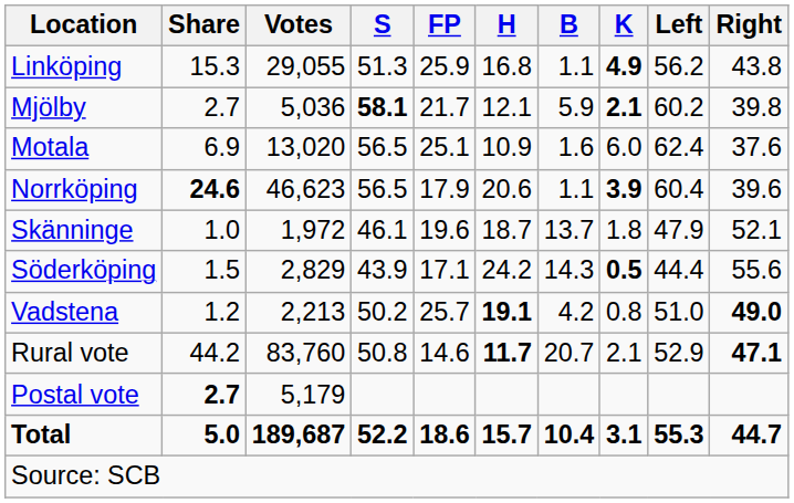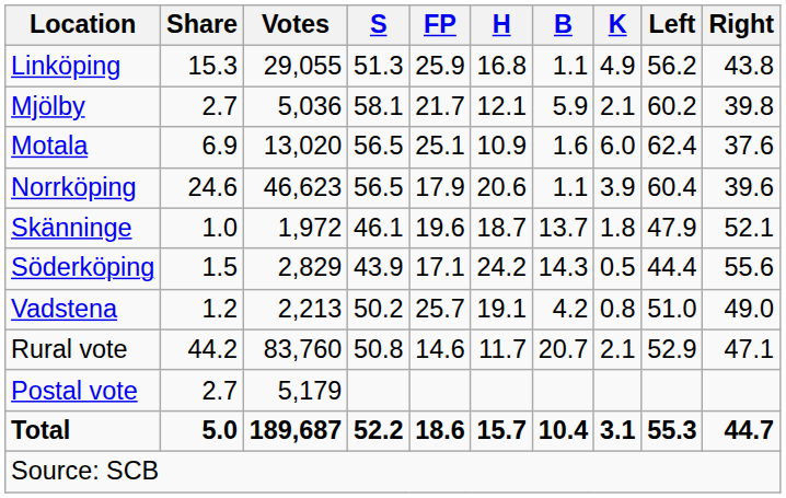 <table class="wikitable sortable" style=text-align:right>
 <tr>
 <th>Location</th>
 <th>Share</th>
 <th>Votes</th>
 <th><a href='#'>S</a></th>
 <th><a href='#'>FP</a></th>
 <th><a href='#'>H</a></th>
 <th><a href='#'>B</a></th>
 <th><a href='#'>K</a></th>
 <th>Left</th>
 <th>Right</th>
 </tr>
 <tr>
 <td align=left><a href='#'>Linköping</a></td>
 <td>15.3</td>
 <td>29,055</td>
 <td>51.3</td>
 <td>25.9</td>
 <td>16.8</td>
 <td>1.1</td>
-<td><strong>4.9</strong></td>
+<td>4.9</td>
 <td>56.2</td>
 <td>43.8</td>
 </tr>
 <tr>
 <td align=left><a href='#'>Mjölby</a></td>
 <td>2.7</td>
 <td>5,036</td>
-<td><strong>58.1</strong></td>
+<td>58.1</td>
 <td>21.7</td>
 <td>12.1</td>
 <td>5.9</td>
-<td><strong>2.1</strong></td>
+<td>2.1</td>
 <td>60.2</td>
 <td>39.8</td>
 </tr>
 <tr>
 <td align=left><a href='#'>Motala</a></td>
 <td>6.9</td>
 <td>13,020</td>
 <td>56.5</td>
 <td>25.1</td>
 <td>10.9</td>
 <td>1.6</td>
 <td>6.0</td>
 <td>62.4</td>
 <td>37.6</td>
 </tr>
 <tr>
 <td align=left><a href='#'>Norrköping</a></td>
-<td><strong>24.6</strong></td>
+<td>24.6</td>
 <td>46,623</td>
 <td>56.5</td>
 <td>17.9</td>
 <td>20.6</td>
 <td>1.1</td>
-<td><strong>3.9</strong></td>
+<td>3.9</td>
 <td>60.4</td>
 <td>39.6</td>
 </tr>
 <tr>
 <td align=left><a href='#'>Skänninge</a></td>
 <td>1.0</td>
 <td>1,972</td>
 <td>46.1</td>
 <td>19.6</td>
 <td>18.7</td>
 <td>13.7</td>
 <td>1.8</td>
 <td>47.9</td>
 <td>52.1</td>
 </tr>
 <tr>
 <td align=left><a href='#'>Söderköping</a></td>
 <td>1.5</td>
 <td>2,829</td>
 <td>43.9</td>
 <td>17.1</td>
 <td>24.2</td>
 <td>14.3</td>
-<td><strong>0.5</strong></td>
+<td>0.5</td>
 <td>44.4</td>
 <td>55.6</td>
 </tr>
 <tr>
 <td align=left><a href='#'>Vadstena</a></td>
 <td>1.2</td>
 <td>2,213</td>
 <td>50.2</td>
 <td>25.7</td>
-<td><strong>19.1</strong></td>
+<td>19.1</td>
 <td>4.2</td>
 <td>0.8</td>
 <td>51.0</td>
-<td><strong>49.0</strong></td>
+<td>49.0</td>
 </tr>
 <tr>
 <td align=left>Rural vote</td>
 <td>44.2</td>
 <td>83,760</td>
 <td>50.8</td>
 <td>14.6</td>
-<td><strong>11.7</strong></td>
+<td>11.7</td>
 <td>20.7</td>
 <td>2.1</td>
 <td>52.9</td>
-<td><strong>47.1</strong></td>
+<td>47.1</td>
 </tr>
 <tr>
 <td align=left><a href='#'>Postal vote</a></td>
-<td><strong>2.7</strong></td>
+<td>2.7</td>
 <td>5,179</td>
 <td></td>
 <td></td>
 <td></td>
 <td></td>
 <td></td>
 <td></td>
 <td></td>
 </tr>
 <tr>
 <td align=left><strong>Total</strong></td>
 <td><strong>5.0</strong></td>
 <td><strong>189,687</strong></td>
 <td><strong>52.2</strong></td>
 <td><strong>18.6</strong></td>
 <td><strong>15.7</strong></td>
 <td><strong>10.4</strong></td>
 <td><strong>3.1</strong></td>
 <td><strong>55.3</strong></td>
 <td><strong>44.7</strong></td>
 </tr>
 <tr>
 <td align=left colspan=10>Source: SCB </td>
 </tr>
 </table>
